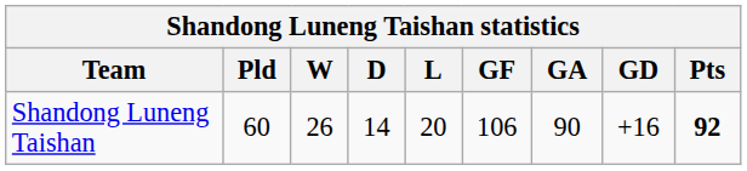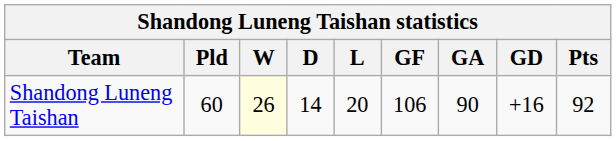 <table width=70% class="wikitable" style="text-align:">
 <tr>
 <th colspan=9>Shandong Luneng Taishan statistics</th>
 </tr>
 <tr>
 <th width=20%>Team</th>
 <th width=5%>Pld</th>
 <th width=5%>W</th>
 <th width=5%>D</th>
 <th width=5%>L</th>
 <th width=5%>GF</th>
 <th width=5%>GA</th>
 <th width=5%>GD</th>
 <th width=5%>Pts</th>
 </tr>
 <tr align=center>
 <td align=left> <a href='#'>Shandong Luneng Taishan</a></td>
 <td>60</td>
-<td>26</td>
+<td style="background: lightyellow;">26</td>
 <td>14</td>
 <td>20</td>
 <td>106</td>
 <td>90</td>
 <td>+16</td>
-<td><strong>92</strong></td>
+<td>92</td>
 </tr>
 </table>
